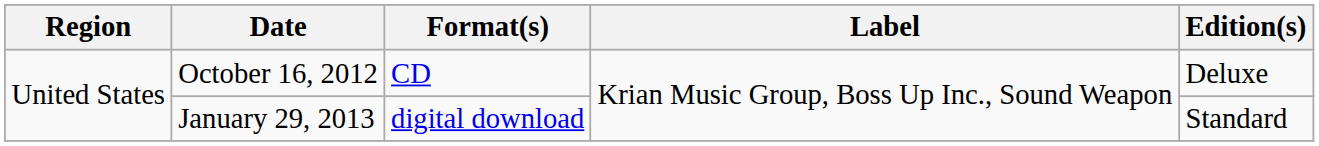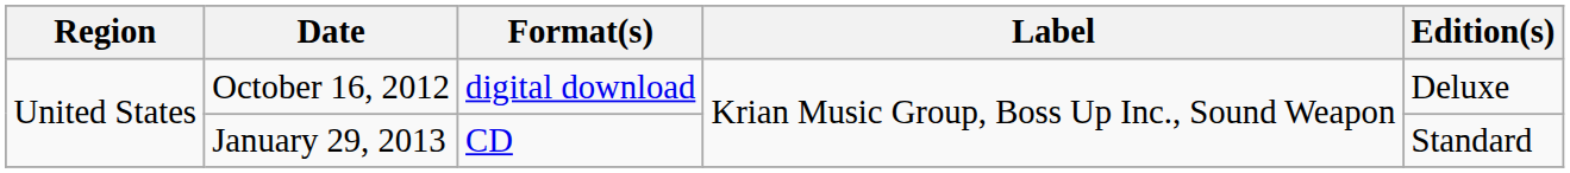 <table class="wikitable">
 <tr>
 <th>Region</th>
 <th>Date</th>
 <th>Format(s)</th>
 <th>Label</th>
 <th>Edition(s)</th>
 </tr>
 <tr>
 <td rowspan="2">United States</td>
 <td>October 16, 2012</td>
-<td><a href='#'>CD</a></td>
+<td><a href='#'>digital download</a></td>
 <td rowspan="2">Krian Music Group, Boss Up Inc., Sound Weapon</td>
 <td>Deluxe</td>
 </tr>
 <tr>
 <td>January 29, 2013</td>
-<td><a href='#'>digital download</a></td>
+<td><a href='#'>CD</a></td>
 <td>Standard</td>
 </tr>
 </table>
